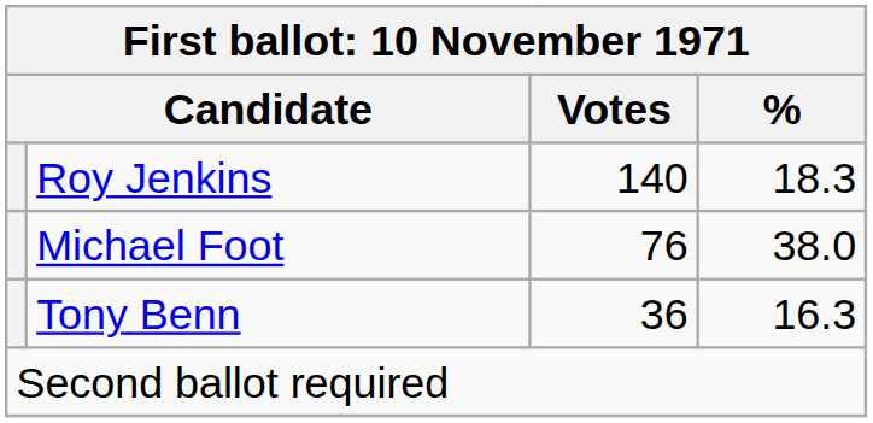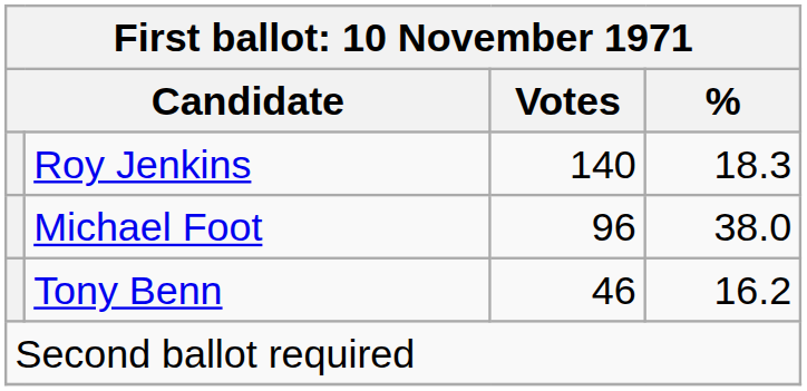 <table class="wikitable" style="font-size:95%;">
 <tr>
 <th colspan="4">First ballot: 10 November 1971</th>
 </tr>
 <tr>
 <th colspan="2" style="width: 170px">Candidate</th>
 <th style="width: 52px">Votes</th>
 <th style="width: 52px">%</th>
 </tr>
 <tr>
 <th style="background-color: "></th>
 <td style="width: 170px"><a href='#'>Roy Jenkins</a></td>
 <td align="right">140</td>
 <td align="right">18.3</td>
 </tr>
 <tr>
 <th style="background-color: "></th>
 <td style="width: 170px"><a href='#'>Michael Foot</a></td>
-<td align="right">76</td>
+<td align="right">96</td>
 <td align="right">38.0</td>
 </tr>
 <tr>
 <th style="background-color: "></th>
 <td style="width: 170px"><a href='#'>Tony Benn</a></td>
-<td align="right">36</td>
-<td align="right">16.3</td>
+<td align="right">46</td>
+<td align="right">16.2</td>
 </tr>
 <tr>
 <td colspan="4">Second ballot required</td>
 </tr>
 <tr>
 </tr>
 </table>
